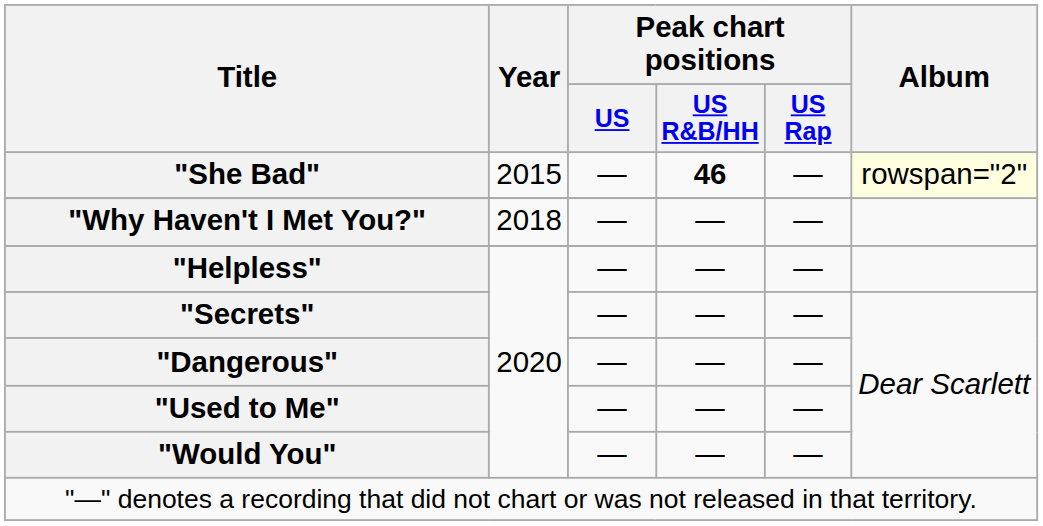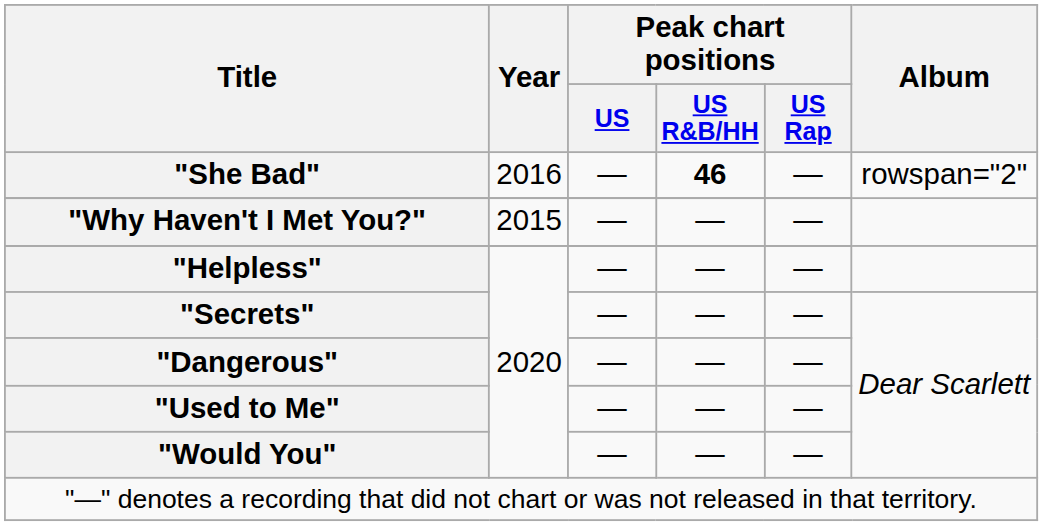 <table class="wikitable plainrowheaders" style="text-align:center;">
 <tr>
 <th scope="col" rowspan="2" style="width:16em;">Title</th>
 <th scope="col" rowspan="2">Year</th>
 <th scope="col" colspan="3">Peak chart positions</th>
 <th scope="col" rowspan="2">Album</th>
 </tr>
 <tr>
 <th scope="col" style="width:3em;font-size:85%;"><a href='#'>US</a><br></th>
 <th scope="col" style="width:3em;font-size:85%;"><a href='#'>US<br>R&B/HH</a><br></th>
 <th scope="col" style="width:3em;font-size:85%;"><a href='#'>US<br>Rap</a><br></th>
 </tr>
 <tr>
 <th scope="row">"She Bad"</th>
-<td>2015</td>
+<td>2016</td>
 <td>—</td>
 <td><strong>46</strong></td>
 <td>—</td>
-<td style="background: lightyellow;">rowspan="2" </td>
+<td>rowspan="2" </td>
 </tr>
 <tr>
 </tr>
 <tr>
 <th scope="row">"Why Haven't I Met You?"</th>
-<td>2018</td>
+<td>2015</td>
 <td>—</td>
 <td>—</td>
 <td>—</td>
 </tr>
 <tr>
 </tr>
 <tr>
 <th scope="row">"Helpless"</th>
 <td rowspan="5">2020</td>
 <td>—</td>
 <td>—</td>
 <td>—</td>
 <td></td>
 </tr>
 <tr>
 <th scope="row">"Secrets"</th>
 <td>—</td>
 <td>—</td>
 <td>—</td>
 <td rowspan="4"><em>Dear Scarlett</em></td>
 </tr>
 <tr>
 <th scope="row">"Dangerous"</th>
 <td>—</td>
 <td>—</td>
 <td>—</td>
 </tr>
 <tr>
 <th scope="row">"Used to Me"</th>
 <td>—</td>
 <td>—</td>
 <td>—</td>
 </tr>
 <tr>
 <th scope="row">"Would You"</th>
 <td>—</td>
 <td>—</td>
 <td>—</td>
 </tr>
 <tr>
 <td colspan="14" style="font-size:90%">"—" denotes a recording that did not chart or was not released in that territory.</td>
 </tr>
 </table>
